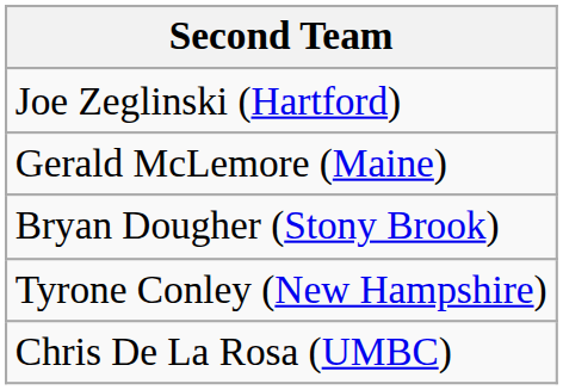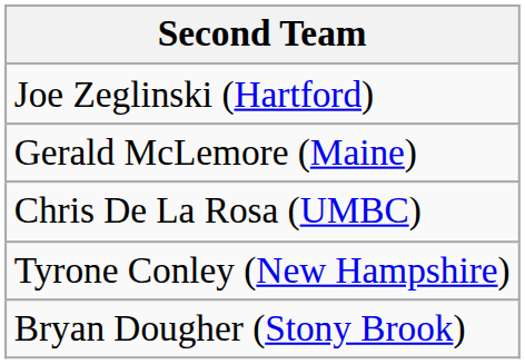 <table class="wikitable">
 <tr>
 <th>Second Team</th>
 </tr>
 <tr>
 <td>Joe Zeglinski (<a href='#'>Hartford</a>)</td>
 </tr>
 <tr>
 <td>Gerald McLemore (<a href='#'>Maine</a>)</td>
 </tr>
 <tr>
-<td>Bryan Dougher (<a href='#'>Stony Brook</a>)</td>
+<td>Chris De La Rosa (<a href='#'>UMBC</a>)</td>
 </tr>
 <tr>
 <td>Tyrone Conley (<a href='#'>New Hampshire</a>)</td>
 </tr>
 <tr>
-<td>Chris De La Rosa (<a href='#'>UMBC</a>)</td>
+<td>Bryan Dougher (<a href='#'>Stony Brook</a>)</td>
 </tr>
 </table>
